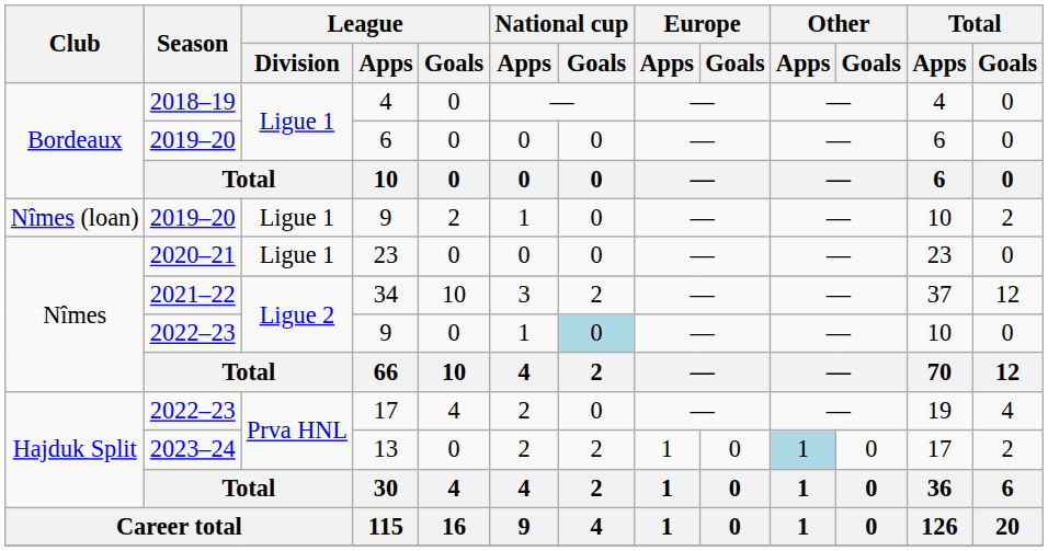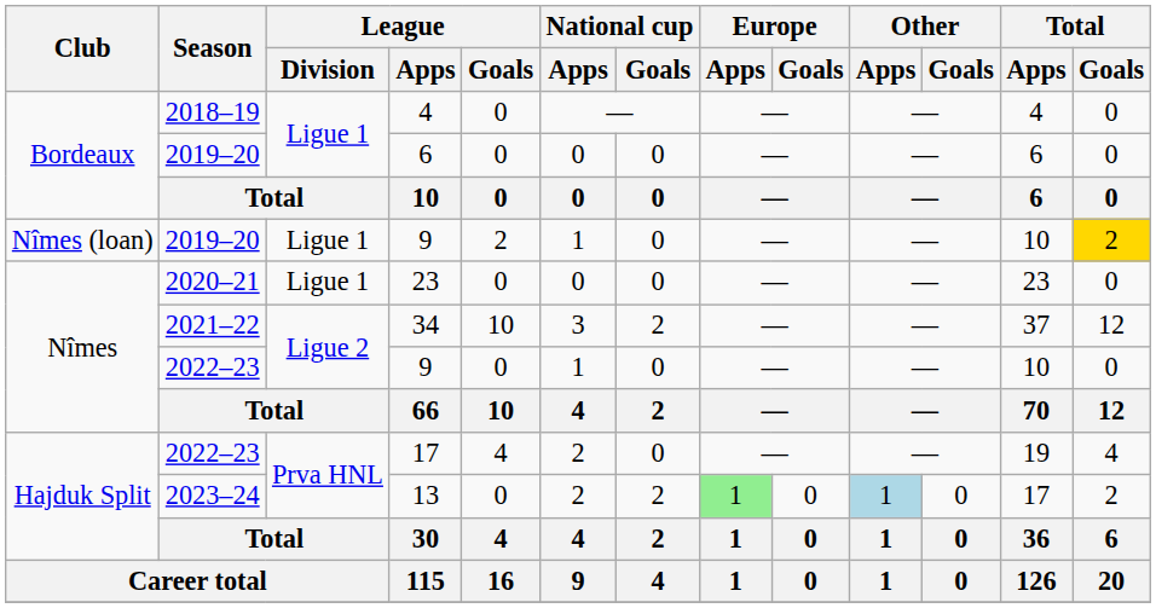 <table class="wikitable" style="text-align: center;">
 <tr>
 <th rowspan=2>Club</th>
 <th rowspan=2>Season</th>
 <th colspan=3>League</th>
 <th colspan=2>National cup</th>
 <th colspan=2>Europe</th>
 <th colspan=2>Other</th>
 <th colspan=2>Total</th>
 </tr>
 <tr>
 <th>Division</th>
 <th>Apps</th>
 <th>Goals</th>
 <th>Apps</th>
 <th>Goals</th>
 <th>Apps</th>
 <th>Goals</th>
 <th>Apps</th>
 <th>Goals</th>
 <th>Apps</th>
 <th>Goals</th>
 </tr>
 <tr>
 <td rowspan="3"><a href='#'>Bordeaux</a></td>
 <td><a href='#'>2018–19</a></td>
 <td rowspan="2"><a href='#'>Ligue 1</a></td>
 <td>4</td>
 <td>0</td>
 <td colspan="2">—</td>
 <td colspan="2">—</td>
 <td colspan="2">—</td>
 <td>4</td>
 <td>0</td>
 </tr>
 <tr>
 <td><a href='#'>2019–20</a></td>
 <td>6</td>
 <td>0</td>
 <td>0</td>
 <td>0</td>
 <td colspan="2">—</td>
 <td colspan="2">—</td>
 <td>6</td>
 <td>0</td>
 </tr>
 <tr>
 <th colspan="2">Total</th>
 <th>10</th>
 <th>0</th>
 <th>0</th>
 <th>0</th>
 <th colspan="2">—</th>
 <th colspan="2">—</th>
 <th>6</th>
 <th>0</th>
 </tr>
 <tr>
 <td><a href='#'>Nîmes</a> (loan)</td>
 <td><a href='#'>2019–20</a></td>
 <td>Ligue 1</td>
 <td>9</td>
 <td>2</td>
 <td>1</td>
 <td>0</td>
 <td colspan="2">—</td>
 <td colspan="2">—</td>
 <td>10</td>
-<td>2</td>
+<td style="background: gold;">2</td>
 </tr>
 <tr>
 <td rowspan="4">Nîmes</td>
 <td><a href='#'>2020–21</a></td>
 <td>Ligue 1</td>
 <td>23</td>
 <td>0</td>
 <td>0</td>
 <td>0</td>
 <td colspan="2">—</td>
 <td colspan="2">—</td>
 <td>23</td>
 <td>0</td>
 </tr>
 <tr>
 <td><a href='#'>2021–22</a></td>
 <td rowspan="2"><a href='#'>Ligue 2</a></td>
 <td>34</td>
 <td>10</td>
 <td>3</td>
 <td>2</td>
 <td colspan="2">—</td>
 <td colspan="2">—</td>
 <td>37</td>
 <td>12</td>
 </tr>
 <tr>
 <td><a href='#'>2022–23</a></td>
 <td>9</td>
 <td>0</td>
 <td>1</td>
-<td style="background: lightblue;">0</td>
+<td>0</td>
 <td colspan="2">—</td>
 <td colspan="2">—</td>
 <td>10</td>
 <td>0</td>
 </tr>
 <tr>
 <th colspan="2">Total</th>
 <th>66</th>
 <th>10</th>
 <th>4</th>
 <th>2</th>
 <th colspan="2">—</th>
 <th colspan="2">—</th>
 <th>70</th>
 <th>12</th>
 </tr>
 <tr>
 <td rowspan="3"><a href='#'>Hajduk Split</a></td>
 <td><a href='#'>2022–23</a></td>
 <td rowspan="2"><a href='#'>Prva HNL</a></td>
 <td>17</td>
 <td>4</td>
 <td>2</td>
 <td>0</td>
 <td colspan="2">—</td>
 <td colspan="2">—</td>
 <td>19</td>
 <td>4</td>
 </tr>
 <tr>
 <td><a href='#'>2023–24</a></td>
 <td>13</td>
 <td>0</td>
 <td>2</td>
 <td>2</td>
-<td>1</td>
+<td style="background: lightgreen;">1</td>
 <td>0</td>
 <td style="background: lightblue;">1</td>
 <td>0</td>
 <td>17</td>
 <td>2</td>
 </tr>
 <tr>
 <th colspan="2">Total</th>
 <th>30</th>
 <th>4</th>
 <th>4</th>
 <th>2</th>
 <th>1</th>
 <th>0</th>
 <th>1</th>
 <th>0</th>
 <th>36</th>
 <th>6</th>
 </tr>
 <tr>
 <th colspan="3">Career total</th>
 <th>115</th>
 <th>16</th>
 <th>9</th>
 <th>4</th>
 <th>1</th>
 <th>0</th>
 <th>1</th>
 <th>0</th>
 <th>126</th>
 <th>20</th>
 </tr>
 <tr>
 </tr>
 </table>
